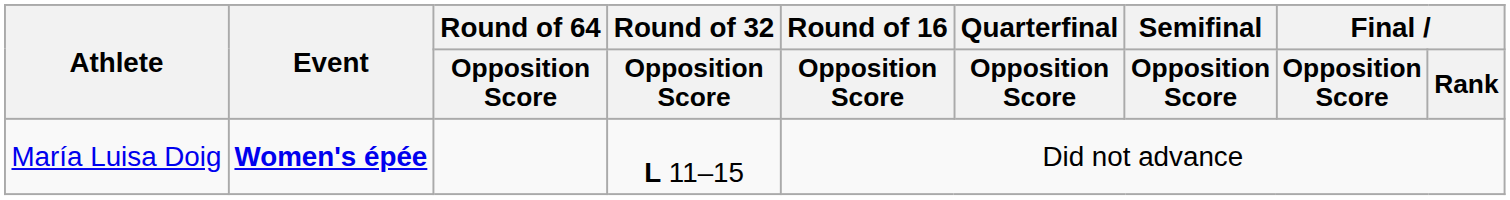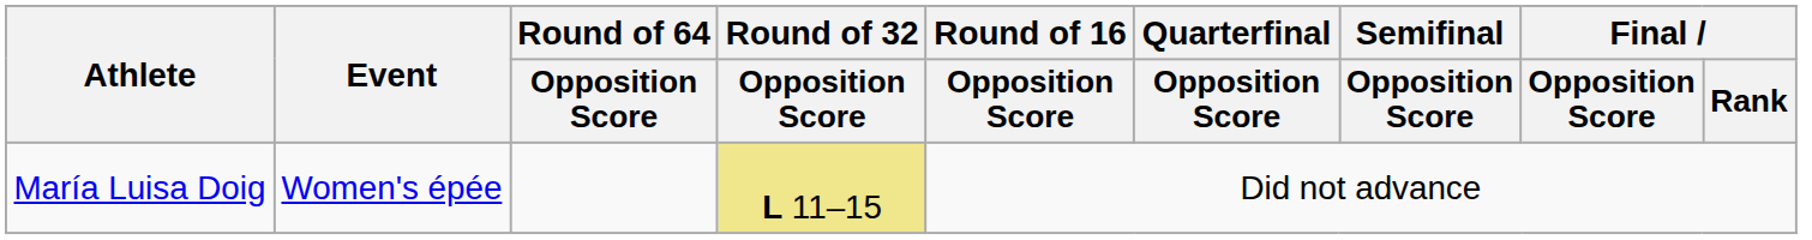 <table class="wikitable" style="font-size:90%">
 <tr>
 <th rowspan="2">Athlete</th>
 <th rowspan="2">Event</th>
 <th>Round of 64</th>
 <th>Round of 32</th>
 <th>Round of 16</th>
 <th>Quarterfinal</th>
 <th>Semifinal</th>
 <th colspan=2>Final / </th>
 </tr>
 <tr style="font-size:95%">
 <th>Opposition <br> Score</th>
 <th>Opposition <br> Score</th>
 <th>Opposition <br> Score</th>
 <th>Opposition <br> Score</th>
 <th>Opposition <br> Score</th>
 <th>Opposition <br> Score</th>
 <th>Rank</th>
 </tr>
 <tr align=center>
 <td align=left><a href='#'>María Luisa Doig</a></td>
-<td align=left><strong><a href='#'>Women's épée</a></strong></td>
+<td align=left><a href='#'>Women's épée</a></td>
 <td></td>
-<td><br><strong>L</strong> 11–15</td>
+<td style="background: khaki;"><br><strong>L</strong> 11–15</td>
 <td colspan=5>Did not advance</td>
 </tr>
 </table>
